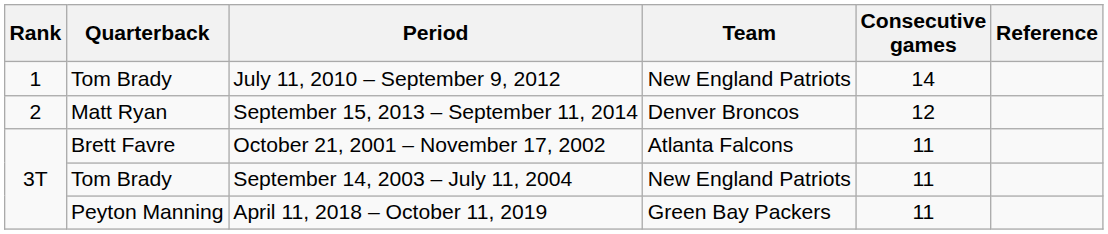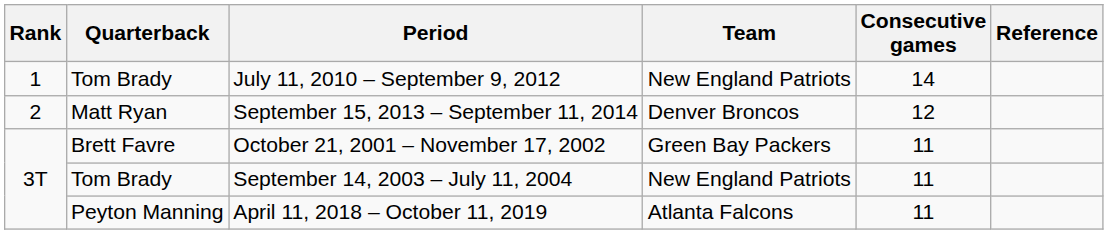 <table class="wikitable">
 <tr>
 <th>Rank</th>
 <th>Quarterback</th>
 <th>Period</th>
 <th>Team</th>
 <th>Consecutive<br>games</th>
 <th>Reference</th>
 </tr>
 <tr>
 <td style="text-align:center;">1</td>
 <td>Tom Brady</td>
 <td>July 11, 2010 – September 9, 2012</td>
 <td>New England Patriots</td>
 <td style="text-align:center;">14</td>
 <td style="text-align:center;"></td>
 </tr>
 <tr>
 <td style="text-align:center;">2</td>
 <td>Matt Ryan</td>
 <td>September 15, 2013 – September 11, 2014</td>
 <td>Denver Broncos</td>
 <td style="text-align:center;">12</td>
 <td style="text-align:center;"></td>
 </tr>
 <tr>
 <td style="text-align:center;" rowspan="3">3T</td>
 <td>Brett Favre</td>
 <td>October 21, 2001 – November 17, 2002</td>
-<td>Atlanta Falcons</td>
+<td>Green Bay Packers</td>
 <td style="text-align:center;">11</td>
 <td style="text-align:center;"></td>
 </tr>
 <tr>
 <td>Tom Brady</td>
 <td>September 14, 2003 – July 11, 2004</td>
 <td>New England Patriots</td>
 <td style="text-align:center;">11</td>
 <td style="text-align:center;"></td>
 </tr>
 <tr>
 <td>Peyton Manning</td>
 <td>April 11, 2018 – October 11, 2019</td>
-<td>Green Bay Packers</td>
+<td>Atlanta Falcons</td>
 <td style="text-align:center;">11</td>
 <td style="text-align:center;"></td>
 </tr>
 </table>
